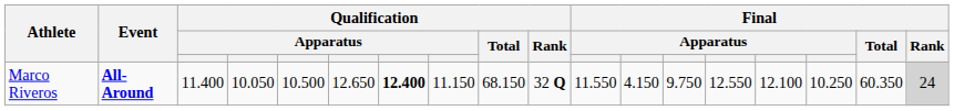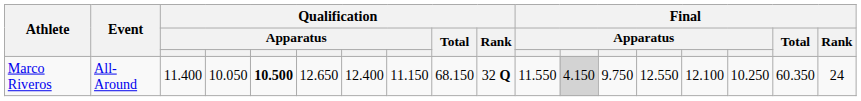 <table class="wikitable" style="font-size:90%">
 <tr>
 <th rowspan=3>Athlete</th>
 <th rowspan=3>Event</th>
 <th colspan =8>Qualification</th>
 <th colspan =8>Final</th>
 </tr>
 <tr style="font-size:95%">
 <th colspan=6>Apparatus</th>
 <th rowspan=2>Total</th>
 <th rowspan=2>Rank</th>
 <th colspan=6>Apparatus</th>
 <th rowspan=2>Total</th>
 <th rowspan=2>Rank</th>
 </tr>
 <tr style="font-size:95%">
 <th></th>
 <th></th>
 <th></th>
 <th></th>
 <th></th>
 <th></th>
 <th></th>
 <th></th>
 <th></th>
 <th></th>
 <th></th>
 <th></th>
 </tr>
 <tr align=center>
 <td align=left><a href='#'>Marco Riveros</a></td>
-<td style="text-align:left;"><strong><a href='#'>All-Around</a></strong></td>
+<td style="text-align:left;"><a href='#'>All-Around</a></td>
 <td>11.400</td>
 <td>10.050</td>
-<td>10.500</td>
+<td><strong>10.500</strong></td>
 <td>12.650</td>
-<td><strong>12.400</strong></td>
+<td>12.400</td>
 <td>11.150</td>
 <td>68.150</td>
 <td>32 <strong>Q</strong></td>
 <td>11.550</td>
-<td>4.150</td>
+<td style="background: lightgrey;">4.150</td>
 <td>9.750</td>
 <td>12.550</td>
 <td>12.100</td>
 <td>10.250</td>
 <td>60.350</td>
-<td style="background: lightgrey;">24</td>
+<td>24</td>
 </tr>
 </table>
